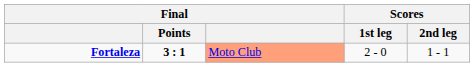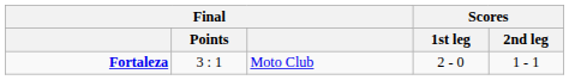 <table class="wikitable" style="text-align:center;">
 <tr>
 <th colspan=3>Final</th>
 <th colspan=3>Scores</th>
 </tr>
 <tr>
 <th width="175"></th>
 <th width="75">Points</th>
 <th width="175"></th>
 <th width="75">1st leg</th>
 <th width="75">2nd leg</th>
 </tr>
 <tr>
 <td align=right><strong><a href='#'>Fortaleza</a></strong></td>
-<td><strong>3 : 1</strong></td>
-<td align=left style="background: lightsalmon;"><a href='#'>Moto Club</a></td>
+<td>3 : 1</td>
+<td align=left><a href='#'>Moto Club</a></td>
 <td>2 - 0</td>
 <td>1 - 1</td>
 </tr>
 </table>
